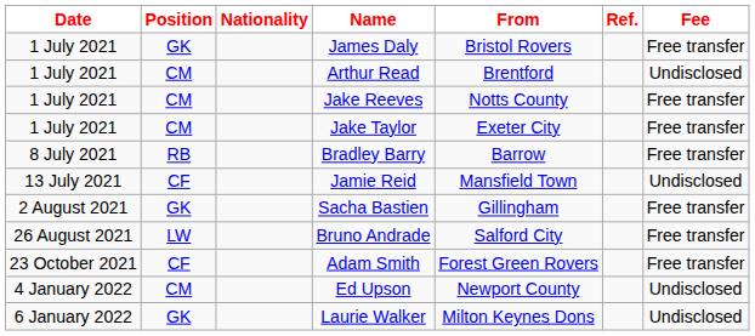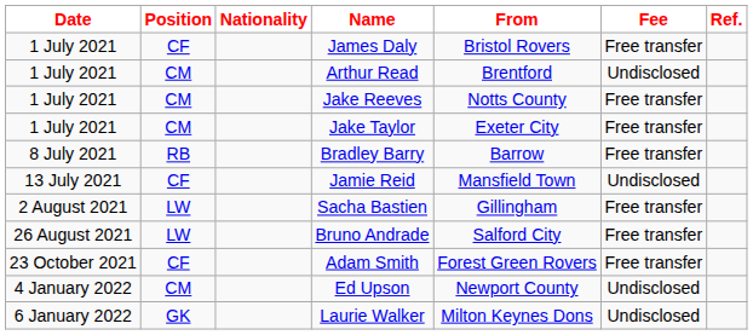 <table class="wikitable"  style="text-align:center; font-size:90%; ">
 <tr>
 <th style="background:white; color:red; ">Date</th>
 <th style="background:white; color:red; ">Position</th>
 <th style="background:white; color:red; ">Nationality</th>
 <th style="background:white; color:red; ">Name</th>
 <th style="background:white; color:red; ">From</th>
+<th style="background:white; color:red; ">Fee</th>
 <th style="background:white; color:red; ">Ref.</th>
-<th style="background:white; color:red; ">Fee</th>
 </tr>
 <tr>
 <td>1 July 2021</td>
-<td><a href='#'>GK</a></td>
+<td><a href='#'>CF</a></td>
 <td></td>
 <td><a href='#'>James Daly</a></td>
 <td> <a href='#'>Bristol Rovers</a></td>
+<td>Free transfer</td>
 <td></td>
-<td>Free transfer</td>
 </tr>
 <tr>
 <td>1 July 2021</td>
 <td><a href='#'>CM</a></td>
 <td></td>
 <td><a href='#'>Arthur Read</a></td>
 <td> <a href='#'>Brentford</a></td>
+<td>Undisclosed</td>
 <td></td>
-<td>Undisclosed</td>
 </tr>
 <tr>
 <td>1 July 2021</td>
 <td><a href='#'>CM</a></td>
 <td></td>
 <td><a href='#'>Jake Reeves</a></td>
 <td> <a href='#'>Notts County</a></td>
+<td>Free transfer</td>
 <td></td>
-<td>Free transfer</td>
 </tr>
 <tr>
 <td>1 July 2021</td>
 <td><a href='#'>CM</a></td>
 <td></td>
 <td><a href='#'>Jake Taylor</a></td>
 <td> <a href='#'>Exeter City</a></td>
+<td>Free transfer</td>
 <td></td>
-<td>Free transfer</td>
 </tr>
 <tr>
 <td>8 July 2021</td>
 <td><a href='#'>RB</a></td>
 <td></td>
 <td><a href='#'>Bradley Barry</a></td>
 <td> <a href='#'>Barrow</a></td>
+<td>Free transfer</td>
 <td></td>
-<td>Free transfer</td>
 </tr>
 <tr>
 <td>13 July 2021</td>
 <td><a href='#'>CF</a></td>
 <td></td>
 <td><a href='#'>Jamie Reid</a></td>
 <td> <a href='#'>Mansfield Town</a></td>
+<td>Undisclosed</td>
 <td></td>
-<td>Undisclosed</td>
 </tr>
 <tr>
 <td>2 August 2021</td>
-<td><a href='#'>GK</a></td>
+<td><a href='#'>LW</a></td>
 <td></td>
 <td><a href='#'>Sacha Bastien</a></td>
 <td> <a href='#'>Gillingham</a></td>
+<td>Free transfer</td>
 <td></td>
-<td>Free transfer</td>
 </tr>
 <tr>
 <td>26 August 2021</td>
 <td><a href='#'>LW</a></td>
 <td></td>
 <td><a href='#'>Bruno Andrade</a></td>
 <td> <a href='#'>Salford City</a></td>
+<td>Free transfer</td>
 <td></td>
-<td>Free transfer</td>
 </tr>
 <tr>
 <td>23 October 2021</td>
 <td><a href='#'>CF</a></td>
 <td></td>
 <td><a href='#'>Adam Smith</a></td>
 <td> <a href='#'>Forest Green Rovers</a></td>
+<td>Free transfer</td>
 <td></td>
-<td>Free transfer</td>
 </tr>
 <tr>
 <td>4 January 2022</td>
 <td><a href='#'>CM</a></td>
 <td></td>
 <td><a href='#'>Ed Upson</a></td>
 <td> <a href='#'>Newport County</a></td>
+<td>Undisclosed</td>
 <td></td>
-<td>Undisclosed</td>
 </tr>
 <tr>
 <td>6 January 2022</td>
 <td><a href='#'>GK</a></td>
 <td></td>
 <td><a href='#'>Laurie Walker</a></td>
 <td> <a href='#'>Milton Keynes Dons</a></td>
+<td>Undisclosed</td>
 <td></td>
-<td>Undisclosed</td>
 </tr>
 </table>
